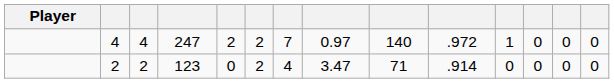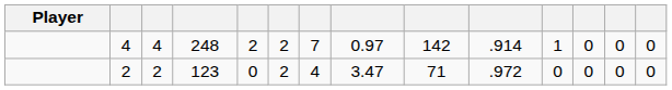 <table class="wikitable sortable" style="width:100%; text-align:center;">
 <tr style="text-align:center; background:#ddd;">
 <th>Player</th>
 <th></th>
 <th></th>
 <th></th>
 <th></th>
 <th></th>
 <th></th>
 <th></th>
 <th></th>
 <th></th>
 <th></th>
 <th></th>
 <th></th>
 <th></th>
 </tr>
 <tr>
 <td style="text-align:left;"></td>
 <td>4</td>
 <td>4</td>
-<td>247</td>
+<td>248</td>
 <td>2</td>
 <td>2</td>
 <td>7</td>
 <td>0.97</td>
-<td>140</td>
-<td>.972</td>
+<td>142</td>
+<td>.914</td>
 <td>1</td>
 <td>0</td>
 <td>0</td>
 <td>0</td>
 </tr>
 <tr>
 <td style="text-align:left;"></td>
 <td>2</td>
 <td>2</td>
 <td>123</td>
 <td>0</td>
 <td>2</td>
 <td>4</td>
 <td>3.47</td>
 <td>71</td>
-<td>.914</td>
+<td>.972</td>
 <td>0</td>
 <td>0</td>
 <td>0</td>
 <td>0</td>
 </tr>
 </table>
